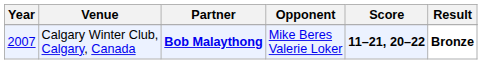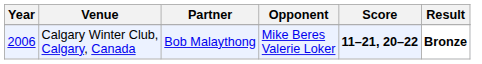 <table class="sortable wikitable" style="font-size: 90%;">
 <tr>
 <th>Year</th>
 <th>Venue</th>
 <th>Partner</th>
 <th>Opponent</th>
 <th>Score</th>
 <th>Result</th>
 </tr>
 <tr>
 </tr>
 <tr style="background:#ECF2FF">
-<td align="center"><a href='#'>2007</a></td>
+<td align="center"><a href='#'>2006</a></td>
 <td align="left">Calgary Winter Club,<br><a href='#'>Calgary</a>, <a href='#'>Canada</a></td>
-<td align="left"><strong> <a href='#'>Bob Malaythong</a></strong></td>
+<td align="left"> <a href='#'>Bob Malaythong</a></td>
 <td align="left"> <a href='#'>Mike Beres</a><br> <a href='#'>Valerie Loker</a></td>
 <td align="left"><strong>11–21, 20–22</strong></td>
 <td style="text-align:left; background:white"> <strong>Bronze</strong></td>
 </tr>
 </table>
